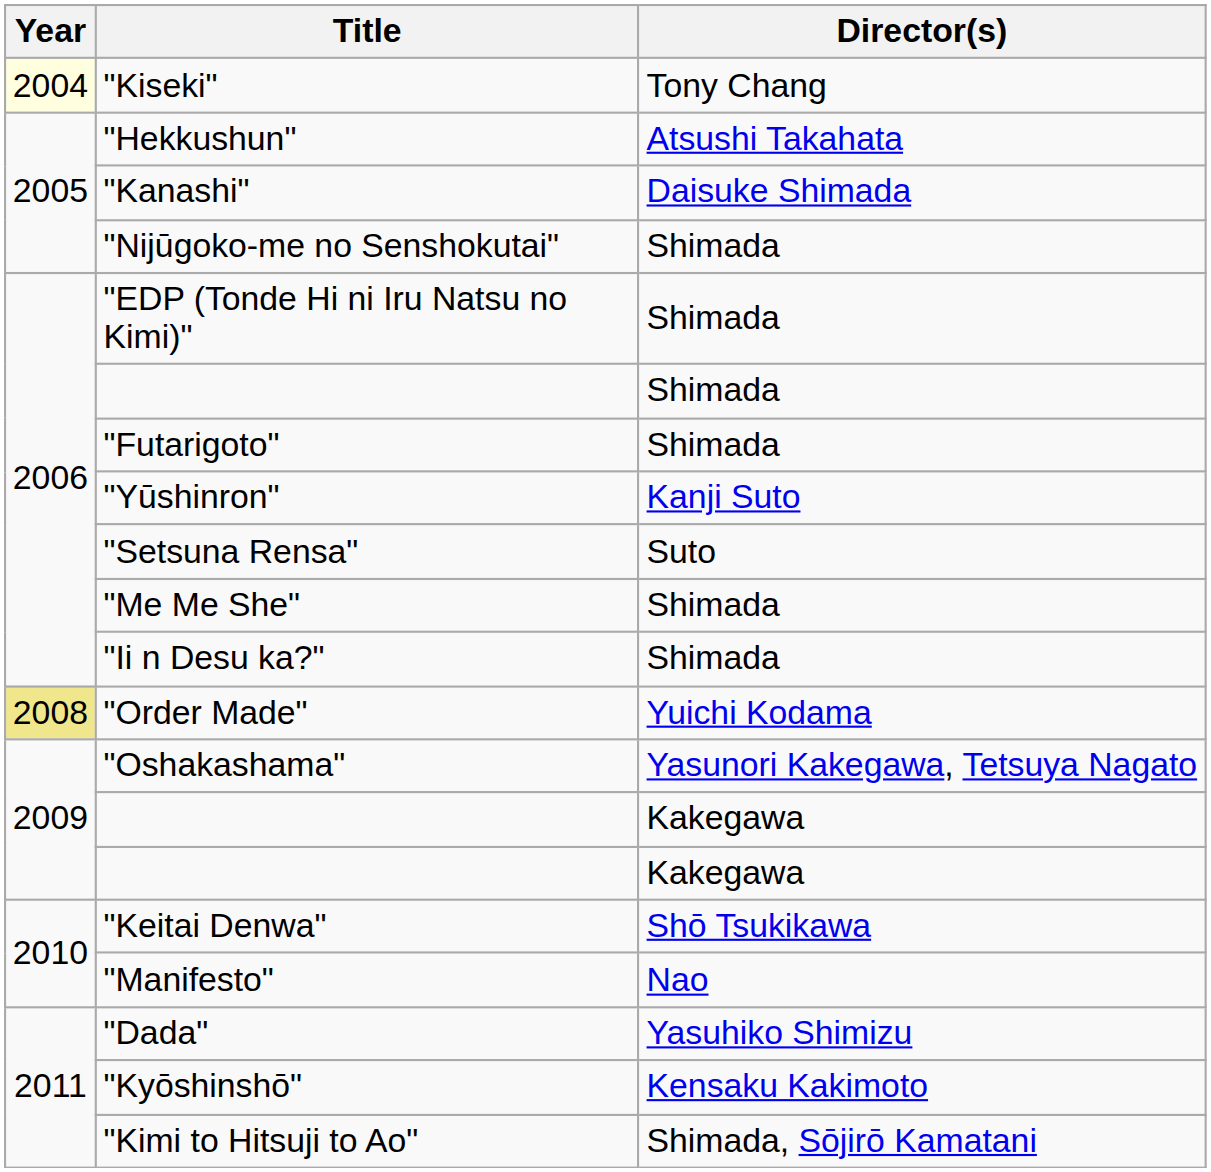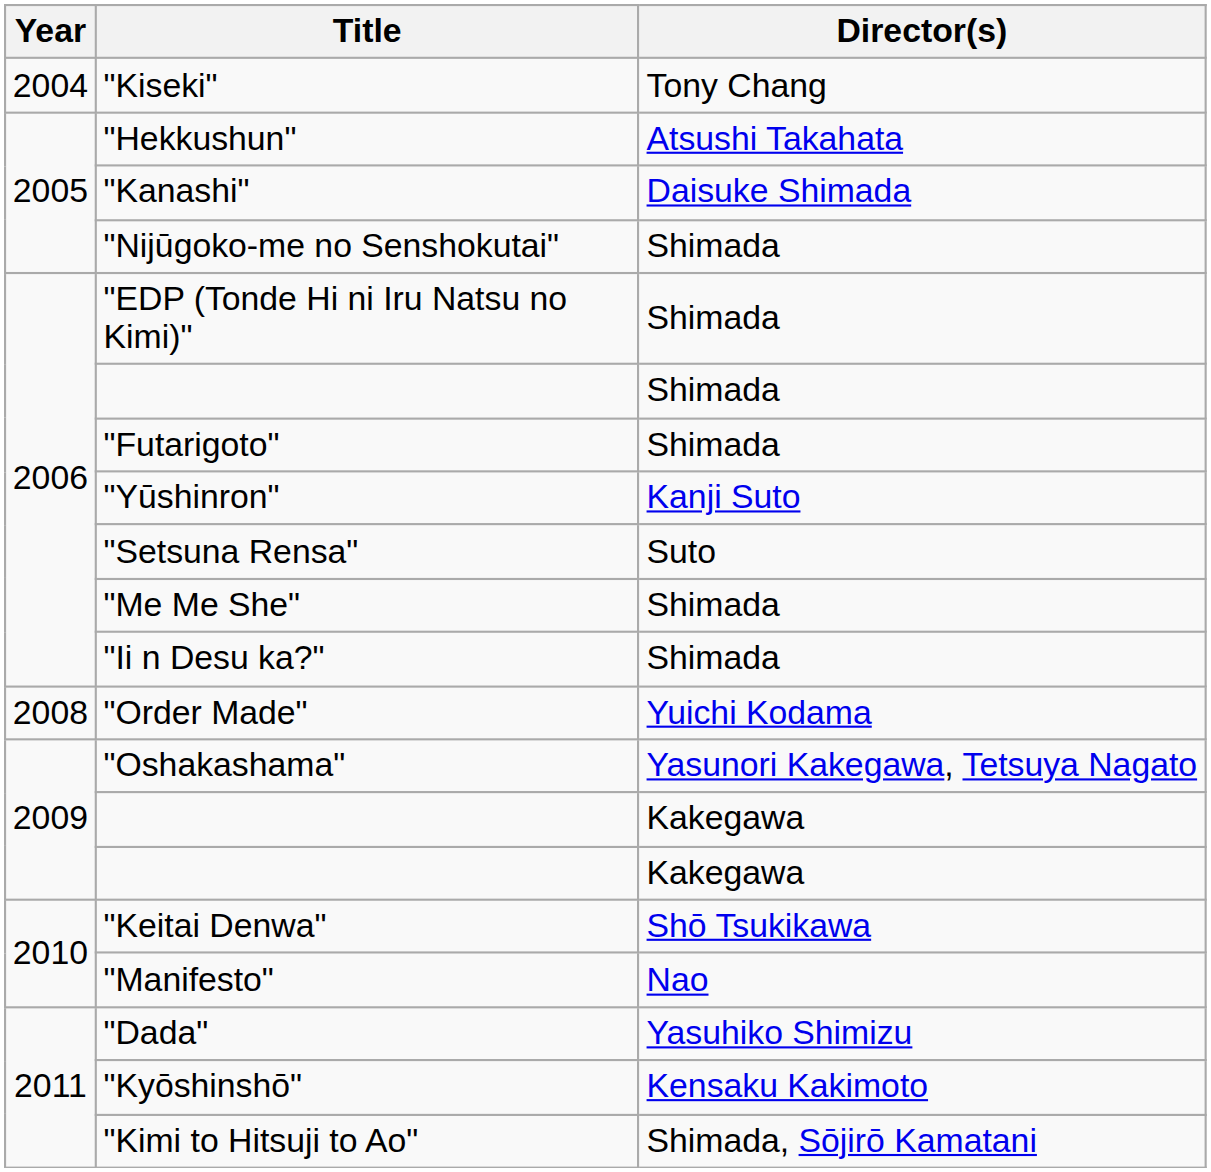 <table class="wikitable">
 <tr>
 <th width="33">Year</th>
 <th width="250">Title</th>
 <th>Director(s)</th>
 </tr>
 <tr>
-<td align=center rowspan="1" style="background: lightyellow;">2004</td>
+<td align=center rowspan="1">2004</td>
 <td>"Kiseki"</td>
 <td>Tony Chang</td>
 </tr>
 <tr>
 <td align=center rowspan="3">2005</td>
 <td>"Hekkushun"</td>
 <td><a href='#'>Atsushi Takahata</a></td>
 </tr>
 <tr>
 <td>"Kanashi"</td>
 <td><a href='#'>Daisuke Shimada</a></td>
 </tr>
 <tr>
 <td>"Nijūgoko-me no Senshokutai"</td>
 <td>Shimada</td>
 </tr>
 <tr>
 <td align=center rowspan="7">2006</td>
 <td>"EDP (Tonde Hi ni Iru Natsu no Kimi)"</td>
 <td>Shimada</td>
 </tr>
 <tr>
 <td></td>
 <td>Shimada</td>
 </tr>
 <tr>
 <td>"Futarigoto"</td>
 <td>Shimada</td>
 </tr>
 <tr>
 <td>"Yūshinron"</td>
 <td><a href='#'>Kanji Suto</a></td>
 </tr>
 <tr>
 <td>"Setsuna Rensa"</td>
 <td>Suto</td>
 </tr>
 <tr>
 <td>"Me Me She"</td>
 <td>Shimada</td>
 </tr>
 <tr>
 <td>"Ii n Desu ka?"</td>
 <td>Shimada</td>
 </tr>
 <tr>
-<td align=center rowspan="1" style="background: khaki;">2008</td>
+<td align=center rowspan="1">2008</td>
 <td>"Order Made"</td>
 <td><a href='#'>Yuichi Kodama</a></td>
 </tr>
 <tr>
 <td align=center rowspan="3">2009</td>
 <td>"Oshakashama"</td>
 <td><a href='#'>Yasunori Kakegawa</a>, <a href='#'>Tetsuya Nagato</a></td>
 </tr>
 <tr>
 <td></td>
 <td>Kakegawa</td>
 </tr>
 <tr>
 <td></td>
 <td>Kakegawa</td>
 </tr>
 <tr>
 <td align=center rowspan="2">2010</td>
 <td>"Keitai Denwa"</td>
 <td><a href='#'>Shō Tsukikawa</a></td>
 </tr>
 <tr>
 <td>"Manifesto"</td>
 <td><a href='#'>Nao</a></td>
 </tr>
 <tr>
 <td align=center rowspan="3">2011</td>
 <td>"Dada"</td>
 <td><a href='#'>Yasuhiko Shimizu</a></td>
 </tr>
 <tr>
 <td>"Kyōshinshō"</td>
 <td><a href='#'>Kensaku Kakimoto</a></td>
 </tr>
 <tr>
 <td>"Kimi to Hitsuji to Ao"</td>
 <td>Shimada, <a href='#'>Sōjirō Kamatani</a></td>
 </tr>
 </table>
